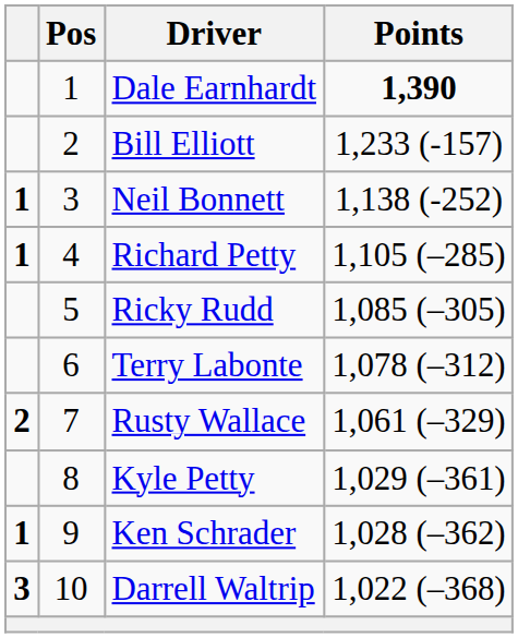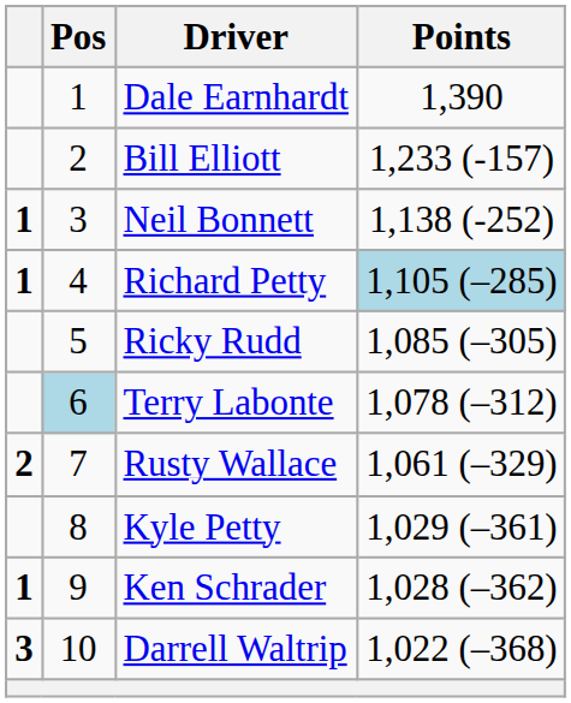 <table class="wikitable" style="font-size: 95%;">
 <tr>
 <th></th>
 <th>Pos</th>
 <th>Driver</th>
 <th>Points</th>
 </tr>
 <tr>
 <td align="left"></td>
 <td style="text-align:center;">1</td>
 <td><a href='#'>Dale Earnhardt</a></td>
-<td style="text-align:center;"><strong>1,390</strong></td>
+<td style="text-align:center;">1,390</td>
 </tr>
 <tr>
 <td align="left"></td>
 <td style="text-align:center;">2</td>
 <td><a href='#'>Bill Elliott</a></td>
 <td style="text-align:center;">1,233 (-157)</td>
 </tr>
 <tr>
 <td align="left">  <strong>1</strong></td>
 <td style="text-align:center;">3</td>
 <td><a href='#'>Neil Bonnett</a></td>
 <td style="text-align:center;">1,138 (-252)</td>
 </tr>
 <tr>
 <td align="left">  <strong>1</strong></td>
 <td style="text-align:center;">4</td>
 <td><a href='#'>Richard Petty</a></td>
-<td style="text-align:center;">1,105 (–285)</td>
+<td style="background: lightblue; text-align:center;">1,105 (–285)</td>
 </tr>
 <tr>
 <td align="left"></td>
 <td style="text-align:center;">5</td>
 <td><a href='#'>Ricky Rudd</a></td>
 <td style="text-align:center;">1,085 (–305)</td>
 </tr>
 <tr>
 <td align="left"></td>
-<td style="text-align:center;">6</td>
+<td style="background: lightblue; text-align:center;">6</td>
 <td><a href='#'>Terry Labonte</a></td>
 <td style="text-align:center;">1,078 (–312)</td>
 </tr>
 <tr>
 <td align="left">  <strong>2</strong></td>
 <td style="text-align:center;">7</td>
 <td><a href='#'>Rusty Wallace</a></td>
 <td style="text-align:center;">1,061 (–329)</td>
 </tr>
 <tr>
 <td align="left"></td>
 <td style="text-align:center;">8</td>
 <td><a href='#'>Kyle Petty</a></td>
 <td style="text-align:center;">1,029 (–361)</td>
 </tr>
 <tr>
 <td align="left">  <strong>1</strong></td>
 <td style="text-align:center;">9</td>
 <td><a href='#'>Ken Schrader</a></td>
 <td style="text-align:center;">1,028 (–362)</td>
 </tr>
 <tr>
 <td align="left">  <strong>3</strong></td>
 <td style="text-align:center;">10</td>
 <td><a href='#'>Darrell Waltrip</a></td>
 <td style="text-align:center;">1,022 (–368)</td>
 </tr>
 <tr class="sortbottom">
 <th colspan="9"></th>
 </tr>
 </table>
